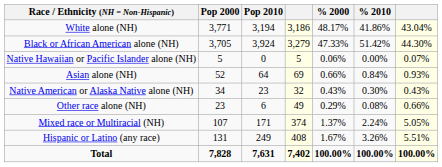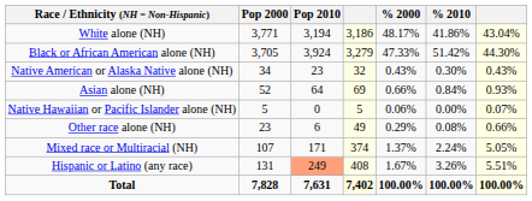 <table class="wikitable" style="text-align:center;">
 <tr>
 <th>Race / Ethnicity <small>(<em>NH = Non-Hispanic</em>)</small></th>
 <th>Pop 2000</th>
 <th>Pop 2010</th>
 <th></th>
 <th>% 2000</th>
 <th>% 2010</th>
 <th></th>
 </tr>
 <tr>
 <td><a href='#'>White</a> alone (NH)</td>
 <td>3,771</td>
 <td>3,194</td>
 <td style='background: #ffffe6;'>3,186</td>
 <td>48.17%</td>
 <td>41.86%</td>
 <td style='background: #ffffe6;'>43.04%</td>
 </tr>
 <tr>
 <td><a href='#'>Black or African American</a> alone (NH)</td>
 <td>3,705</td>
 <td>3,924</td>
 <td style='background: #ffffe6;'>3,279</td>
 <td>47.33%</td>
 <td>51.42%</td>
 <td style='background: #ffffe6;'>44.30%</td>
 </tr>
 <tr>
-<td><a href='#'>Native Hawaiian</a> or <a href='#'>Pacific Islander</a> alone (NH)</td>
-<td>5</td>
-<td>0</td>
-<td style='background: #ffffe6;'>5</td>
-<td>0.06%</td>
-<td>0.00%</td>
-<td style='background: #ffffe6;'>0.07%</td>
+<td><a href='#'>Native American</a> or <a href='#'>Alaska Native</a> alone (NH)</td>
+<td>34</td>
+<td>23</td>
+<td style='background: #ffffe6;'>32</td>
+<td>0.43%</td>
+<td>0.30%</td>
+<td style='background: #ffffe6;'>0.43%</td>
 </tr>
 <tr>
 <td><a href='#'>Asian</a> alone (NH)</td>
 <td>52</td>
 <td>64</td>
 <td style='background: #ffffe6;'>69</td>
 <td>0.66%</td>
 <td>0.84%</td>
 <td style='background: #ffffe6;'>0.93%</td>
 </tr>
 <tr>
-<td><a href='#'>Native American</a> or <a href='#'>Alaska Native</a> alone (NH)</td>
-<td>34</td>
-<td>23</td>
-<td style='background: #ffffe6;'>32</td>
-<td>0.43%</td>
-<td>0.30%</td>
-<td style='background: #ffffe6;'>0.43%</td>
+<td><a href='#'>Native Hawaiian</a> or <a href='#'>Pacific Islander</a> alone (NH)</td>
+<td>5</td>
+<td>0</td>
+<td style='background: #ffffe6;'>5</td>
+<td>0.06%</td>
+<td>0.00%</td>
+<td style='background: #ffffe6;'>0.07%</td>
 </tr>
 <tr>
 <td><a href='#'>Other race</a> alone (NH)</td>
 <td>23</td>
 <td>6</td>
 <td style='background: #ffffe6;'>49</td>
 <td>0.29%</td>
 <td>0.08%</td>
 <td style='background: #ffffe6;'>0.66%</td>
 </tr>
 <tr>
 <td><a href='#'>Mixed race or Multiracial</a> (NH)</td>
 <td>107</td>
 <td>171</td>
 <td style='background: #ffffe6;'>374</td>
 <td>1.37%</td>
 <td>2.24%</td>
 <td style='background: #ffffe6;'>5.05%</td>
 </tr>
 <tr>
 <td><a href='#'>Hispanic or Latino</a> (any race)</td>
 <td>131</td>
-<td>249</td>
+<td style="background: lightsalmon;">249</td>
 <td style='background: #ffffe6;'>408</td>
 <td>1.67%</td>
 <td>3.26%</td>
 <td style='background: #ffffe6;'>5.51%</td>
 </tr>
 <tr>
 <td><strong>Total</strong></td>
 <td><strong>7,828</strong></td>
 <td><strong>7,631</strong></td>
 <td style='background: #ffffe6;'><strong>7,402</strong></td>
 <td><strong>100.00%</strong></td>
 <td><strong>100.00%</strong></td>
 <td style='background: #ffffe6;'><strong>100.00%</strong></td>
 </tr>
 </table>
